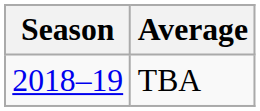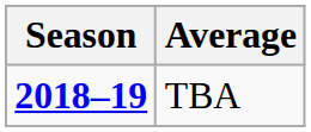 <table class="wikitable">
 <tr>
 <th>Season</th>
 <th>Average</th>
 </tr>
 <tr>
-<td><a href='#'>2018–19</a></td>
+<td><strong><a href='#'>2018–19</a></strong></td>
 <td>TBA</td>
 </tr>
 </table>
